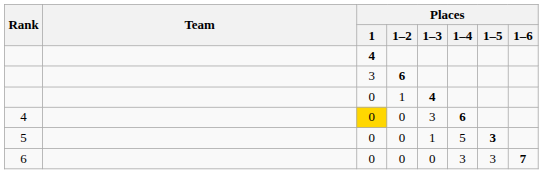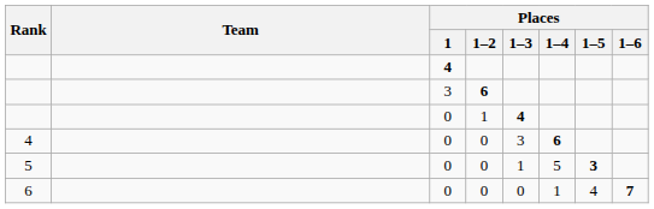 <table class="wikitable" style="text-align:center">
 <tr>
 <th rowspan="2" width=40>Rank</th>
 <th rowspan="2" width=380>Team</th>
 <th colspan="7">Places</th>
 </tr>
 <tr>
 <th width=30>1</th>
 <th width=30>1–2</th>
 <th width=30>1–3</th>
 <th width=30>1–4</th>
 <th width=30>1–5</th>
 <th width=30>1–6</th>
 </tr>
 <tr>
 <td></td>
 <td align=left></td>
 <td><strong>4</strong></td>
 <td></td>
 <td></td>
 <td></td>
 <td></td>
 <td></td>
 </tr>
 <tr>
 <td></td>
 <td align=left></td>
 <td>3</td>
 <td><strong>6</strong></td>
 <td></td>
 <td></td>
 <td></td>
 <td></td>
 </tr>
 <tr>
 <td></td>
 <td align=left></td>
 <td>0</td>
 <td>1</td>
 <td><strong>4</strong></td>
 <td></td>
 <td></td>
 <td></td>
 </tr>
 <tr>
 <td>4</td>
 <td align=left></td>
-<td style="background: gold;">0</td>
+<td>0</td>
 <td>0</td>
 <td>3</td>
 <td><strong>6</strong></td>
 <td></td>
 <td></td>
 </tr>
 <tr>
 <td>5</td>
 <td align=left></td>
 <td>0</td>
 <td>0</td>
 <td>1</td>
 <td>5</td>
 <td><strong>3</strong></td>
 <td></td>
 </tr>
 <tr>
 <td>6</td>
 <td align=left></td>
 <td>0</td>
 <td>0</td>
 <td>0</td>
-<td>3</td>
-<td>3</td>
+<td>1</td>
+<td>4</td>
 <td><strong>7</strong></td>
 </tr>
 </table>
